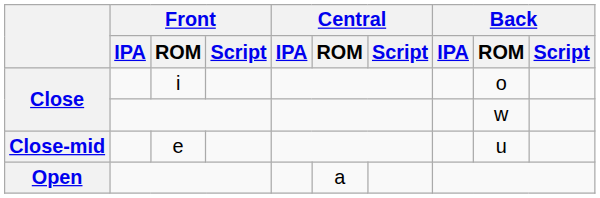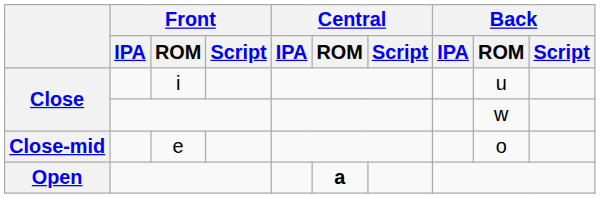 <table class="wikitable">
 <tr>
 <th rowspan=2></th>
 <th colspan=3><a href='#'>Front</a></th>
 <th colspan=3><a href='#'>Central</a></th>
 <th colspan=3><a href='#'>Back</a></th>
 </tr>
 <tr>
 <th><a href='#'>IPA</a></th>
 <th>ROM</th>
 <th><a href='#'>Script</a></th>
 <th><a href='#'>IPA</a></th>
 <th>ROM</th>
 <th><a href='#'>Script</a></th>
 <th><a href='#'>IPA</a></th>
 <th>ROM</th>
 <th><a href='#'>Script</a></th>
 </tr>
 <tr style="text-align:center">
 <th rowspan=2><a href='#'>Close</a></th>
 <td></td>
 <td>i</td>
 <td></td>
 <td colspan=3></td>
 <td></td>
-<td>o</td>
+<td>u</td>
 <td></td>
 </tr>
 <tr style="text-align:center">
 <td colspan=3></td>
 <td colspan=3></td>
 <td></td>
 <td>w</td>
 <td></td>
 </tr>
 <tr style="text-align:center">
 <th><a href='#'>Close-mid</a></th>
 <td></td>
 <td>e</td>
 <td></td>
 <td colspan=3></td>
 <td></td>
-<td>u</td>
+<td>o</td>
 <td></td>
 </tr>
 <tr style="text-align:center">
 <th><a href='#'>Open</a></th>
 <td colspan=3></td>
 <td></td>
-<td>a</td>
+<td><strong>a</strong></td>
 <td></td>
 <td colspan=3></td>
 </tr>
 </table>
